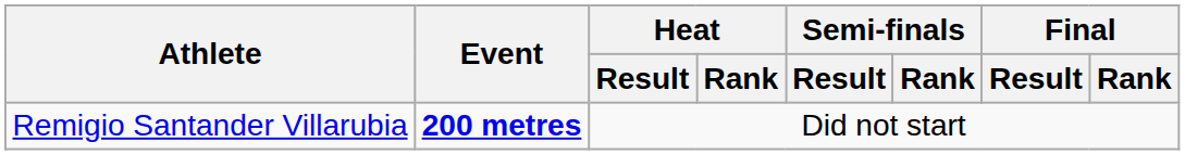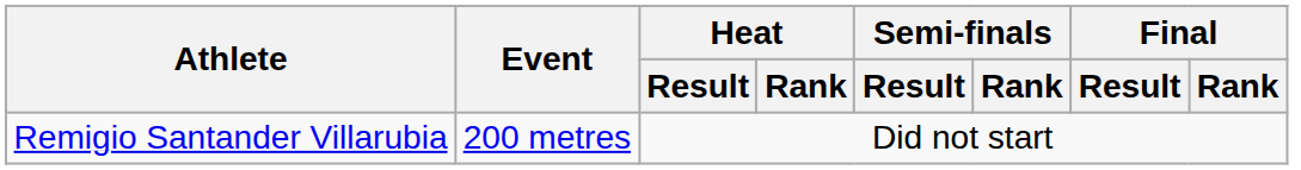 <table class="wikitable" style="font-size:90%; text-align:center">
 <tr>
 <th rowspan="2">Athlete</th>
 <th rowspan="2">Event</th>
 <th colspan="2">Heat</th>
 <th colspan="2">Semi-finals</th>
 <th colspan="2">Final</th>
 </tr>
 <tr>
 <th>Result</th>
 <th>Rank</th>
 <th>Result</th>
 <th>Rank</th>
 <th>Result</th>
 <th>Rank</th>
 </tr>
 <tr>
 <td align="left"><a href='#'>Remigio Santander Villarubia</a></td>
-<td align="left"><strong><a href='#'>200 metres</a></strong></td>
+<td align="left"><a href='#'>200 metres</a></td>
 <td colspan="6">Did not start</td>
 </tr>
 </table>
